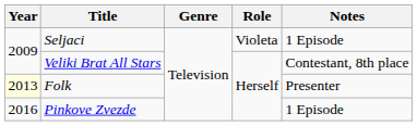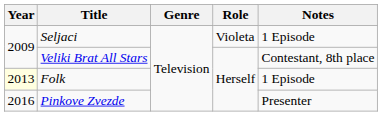 <table class="wikitable">
 <tr>
 <th>Year</th>
 <th>Title</th>
 <th>Genre</th>
 <th>Role</th>
 <th>Notes</th>
 </tr>
 <tr>
 <td rowspan="2">2009</td>
 <td><em>Seljaci</em></td>
 <td rowspan="4">Television</td>
 <td>Violeta</td>
 <td>1 Episode</td>
 </tr>
 <tr>
 <td><em><a href='#'>Veliki Brat All Stars</a></em></td>
 <td rowspan="3">Herself</td>
 <td>Contestant, 8th place</td>
 </tr>
 <tr>
 <td style="background: lightyellow;">2013</td>
 <td><em>Folk</em></td>
-<td>Presenter</td>
+<td>1 Episode</td>
 </tr>
 <tr>
 <td>2016</td>
 <td><em><a href='#'>Pinkove Zvezde</a></em></td>
-<td>1 Episode</td>
+<td>Presenter</td>
 </tr>
 </table>
